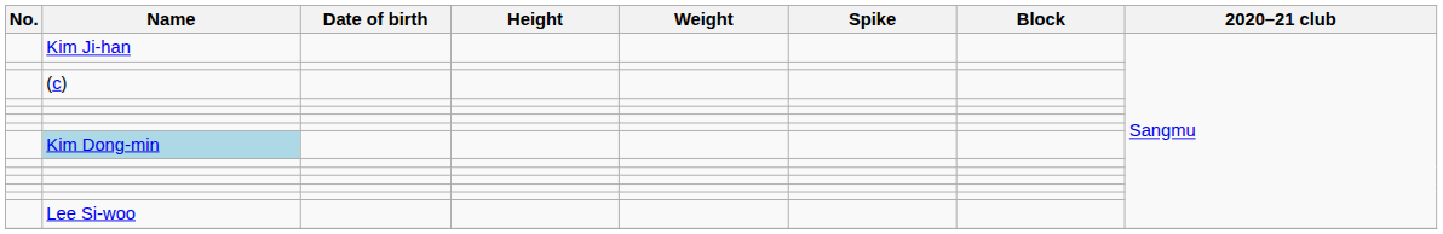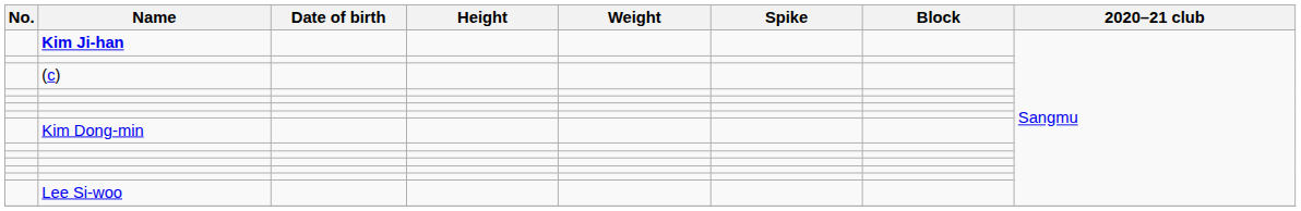 <table class="wikitable sortable" style="font-size:100%; text-align:center;">
 <tr>
 <th>No.</th>
 <th style="width:14em">Name</th>
 <th style="width:8em">Date of birth</th>
 <th style="width:9em">Height</th>
 <th style="width:9em">Weight</th>
 <th style="width:9em">Spike</th>
 <th style="width:9em">Block</th>
 <th style="width:17em">2020–21 club</th>
 </tr>
 <tr>
 <td></td>
-<td style="text-align:left;"><a href='#'>Kim Ji-han</a></td>
+<td style="text-align:left;"><strong><a href='#'>Kim Ji-han</a></strong></td>
 <td style="text-align:right;"></td>
 <td></td>
 <td></td>
 <td></td>
 <td></td>
 <td rowspan= 14 style="text-align:left;"> <a href='#'>Sangmu</a></td>
 </tr>
 <tr>
 <td></td>
 <td style="text-align:left;"></td>
 <td style="text-align:right;"></td>
 <td></td>
 <td></td>
 <td></td>
 <td></td>
 </tr>
 <tr>
 <td></td>
 <td style="text-align:left;"> (<a href='#'>c</a>)</td>
 <td style="text-align:right;"></td>
 <td></td>
 <td></td>
 <td></td>
 <td></td>
 </tr>
 <tr>
 <td></td>
 <td style="text-align:left;"></td>
 <td style="text-align:right;"></td>
 <td></td>
 <td></td>
 <td></td>
 <td></td>
 </tr>
 <tr>
 <td></td>
 <td style="text-align:left;"></td>
 <td style="text-align:right;"></td>
 <td></td>
 <td></td>
 <td></td>
 <td></td>
 </tr>
 <tr>
 <td></td>
 <td style="text-align:left;"></td>
 <td style="text-align:right;"></td>
 <td></td>
 <td></td>
 <td></td>
 <td></td>
 </tr>
 <tr>
 <td></td>
 <td style="text-align:left;"></td>
 <td style="text-align:right;"></td>
 <td></td>
 <td></td>
 <td></td>
 <td></td>
 </tr>
 <tr>
 <td></td>
-<td style="background: lightblue; text-align:left;"><a href='#'>Kim Dong-min</a></td>
+<td style="text-align:left;"><a href='#'>Kim Dong-min</a></td>
 <td style="text-align:right;"></td>
 <td></td>
 <td></td>
 <td></td>
 <td></td>
 </tr>
 <tr>
 <td></td>
 <td style="text-align:left;"></td>
 <td style="text-align:right;"></td>
 <td></td>
 <td></td>
 <td></td>
 <td></td>
 </tr>
 <tr>
 <td></td>
 <td style="text-align:left;"></td>
 <td style="text-align:right;"></td>
 <td></td>
 <td></td>
 <td></td>
 <td></td>
 </tr>
 <tr>
 <td></td>
 <td style="text-align:left;"></td>
 <td style="text-align:right;"></td>
 <td></td>
 <td></td>
 <td></td>
 <td></td>
 </tr>
 <tr>
 <td></td>
 <td style="text-align:left;"></td>
 <td style="text-align:right;"></td>
 <td></td>
 <td></td>
 <td></td>
 <td></td>
 </tr>
 <tr>
 <td></td>
 <td style="text-align:left;"></td>
 <td style="text-align:right;"></td>
 <td></td>
 <td></td>
 <td></td>
 <td></td>
 </tr>
 <tr>
 <td></td>
 <td style="text-align:left;"><a href='#'>Lee Si-woo</a></td>
 <td style="text-align:right;"></td>
 <td></td>
 <td></td>
 <td></td>
 <td></td>
 </tr>
 <tr>
 </tr>
 </table>
